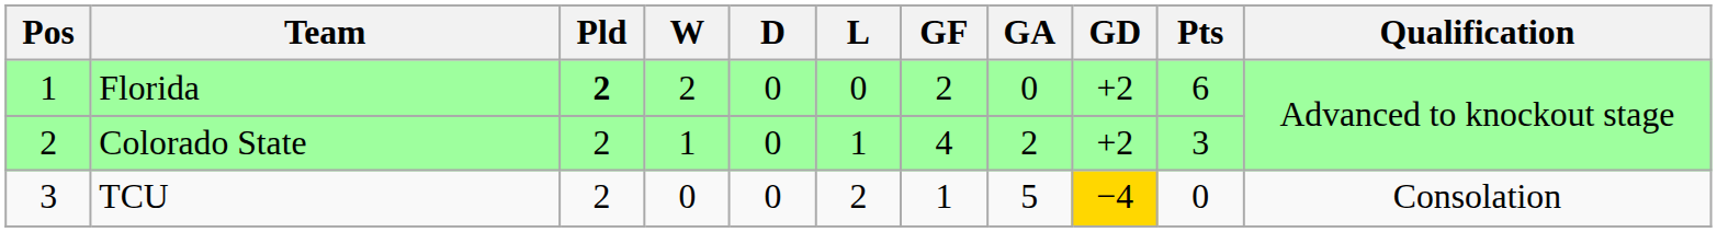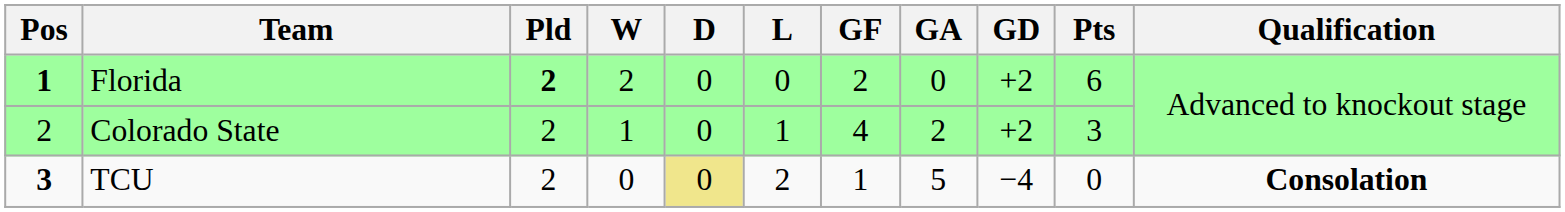 <table class="wikitable" style="text-align:center; margin: 1em auto">
 <tr>
 <th style="width:2em">Pos</th>
 <th style="width:13em">Team</th>
 <th style="width:2em">Pld</th>
 <th style="width:2em">W</th>
 <th style="width:2em">D</th>
 <th style="width:2em">L</th>
 <th style="width:2em">GF</th>
 <th style="width:2em">GA</th>
 <th style="width:2em">GD</th>
 <th style="width:2em">Pts</th>
 <th style="width:13em">Qualification</th>
 </tr>
 <tr bgcolor="#9eff9e">
-<td>1</td>
+<td><strong>1</strong></td>
 <td style="text-align:left">Florida</td>
 <td><strong>2</strong></td>
 <td>2</td>
 <td>0</td>
 <td>0</td>
 <td>2</td>
 <td>0</td>
 <td>+2</td>
 <td>6</td>
 <td rowspan="2">Advanced to knockout stage</td>
 </tr>
 <tr bgcolor="#9eff9e">
 <td>2</td>
 <td style="text-align:left">Colorado State</td>
 <td>2</td>
 <td>1</td>
 <td>0</td>
 <td>1</td>
 <td>4</td>
 <td>2</td>
 <td>+2</td>
 <td>3</td>
 </tr>
 <tr>
-<td>3</td>
+<td><strong>3</strong></td>
 <td style="text-align:left">TCU</td>
 <td>2</td>
 <td>0</td>
-<td>0</td>
+<td style="background: khaki;">0</td>
 <td>2</td>
 <td>1</td>
 <td>5</td>
-<td style="background: gold;">−4</td>
+<td>−4</td>
 <td>0</td>
-<td>Consolation</td>
+<td><strong>Consolation</strong></td>
 </tr>
 </table>
